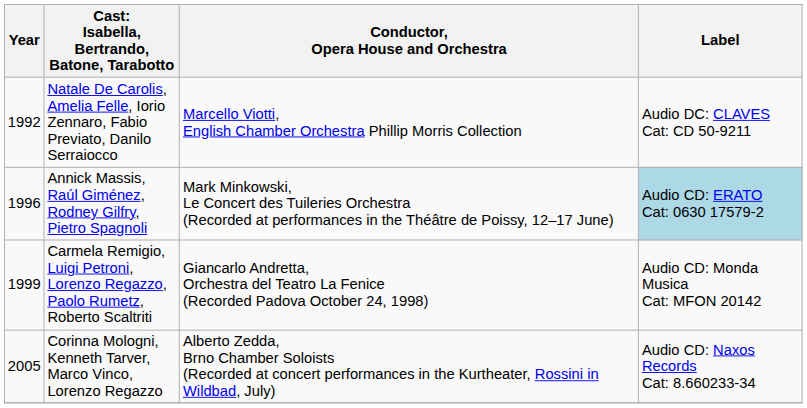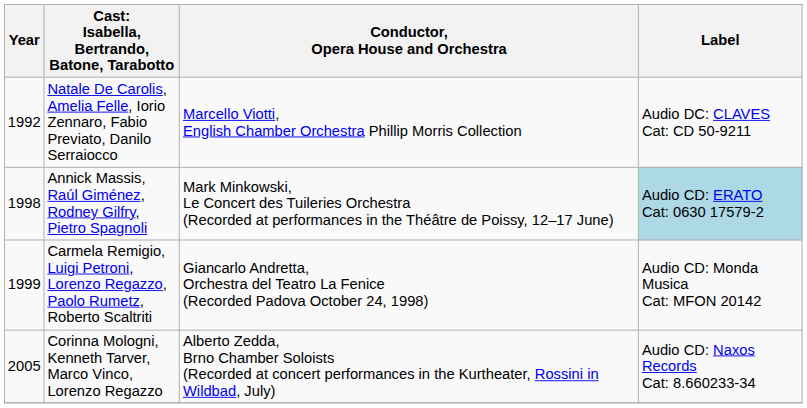 <table class="wikitable">
 <tr>
 <th>Year</th>
 <th width="140">Cast:<br> Isabella, Bertrando, Batone, Tarabotto</th>
 <th>Conductor,<br>Opera House and Orchestra</th>
 <th>Label </th>
 </tr>
 <tr>
 <td>1992</td>
 <td><a href='#'>Natale De Carolis</a>,<br><a href='#'>Amelia Felle</a>, Iorio Zennaro, Fabio Previato, Danilo Serraiocco</td>
 <td><a href='#'>Marcello Viotti</a>,<br><a href='#'>English Chamber Orchestra</a> Phillip Morris Collection</td>
 <td>Audio DC: <a href='#'>CLAVES</a><br>Cat: CD 50-9211</td>
 </tr>
 <tr>
-<td>1996</td>
+<td>1998</td>
 <td>Annick Massis,<br><a href='#'>Raúl Giménez</a>,<br><a href='#'>Rodney Gilfry</a>,<br><a href='#'>Pietro Spagnoli</a></td>
 <td>Mark Minkowski,<br>Le Concert des Tuileries Orchestra<br>(Recorded at performances in the Théâtre de Poissy, 12–17 June)</td>
 <td style="background: lightblue;">Audio CD: <a href='#'>ERATO</a><br>Cat:  0630 17579-2</td>
 </tr>
 <tr>
 <td>1999</td>
 <td>Carmela Remigio,<br><a href='#'>Luigi Petroni</a>,<br><a href='#'>Lorenzo Regazzo</a>,<br><a href='#'>Paolo Rumetz</a>,<br>Roberto Scaltriti</td>
 <td>Giancarlo Andretta,<br>Orchestra del Teatro La Fenice<br>(Recorded Padova October 24, 1998)</td>
 <td>Audio CD: Monda Musica<br>Cat: MFON 20142</td>
 </tr>
 <tr>
 <td>2005</td>
 <td>Corinna Mologni,<br>Kenneth Tarver,<br>Marco Vinco,<br>Lorenzo Regazzo</td>
 <td>Alberto Zedda,<br>Brno Chamber Soloists<br>(Recorded at concert performances in the Kurtheater, <a href='#'>Rossini in Wildbad</a>, July)</td>
 <td>Audio CD: <a href='#'>Naxos Records</a><br>Cat: 8.660233-34</td>
 </tr>
 <tr>
 </tr>
 </table>
